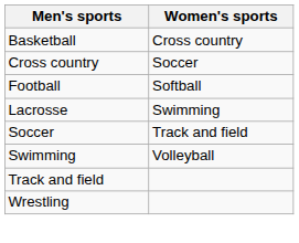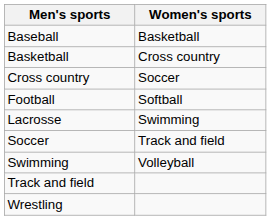 <table class="wikitable"; style=" ">
 <tr>
 <th width=150px>Men's sports</th>
 <th width=150px>Women's sports</th>
+</tr>
+<tr>
+<td>Baseball</td>
+<td>Basketball</td>
 </tr>
 <tr>
 <td>Basketball</td>
 <td>Cross country</td>
 </tr>
 <tr>
 <td>Cross country</td>
 <td>Soccer</td>
 </tr>
 <tr>
 <td>Football</td>
 <td>Softball</td>
 </tr>
 <tr>
 <td>Lacrosse</td>
 <td>Swimming</td>
 </tr>
 <tr>
 <td>Soccer</td>
 <td>Track and field</td>
 </tr>
 <tr>
 <td>Swimming</td>
 <td>Volleyball</td>
 </tr>
 <tr>
 <td>Track and field</td>
 <td></td>
 </tr>
 <tr>
 <td>Wrestling</td>
 <td></td>
 </tr>
 </table>
